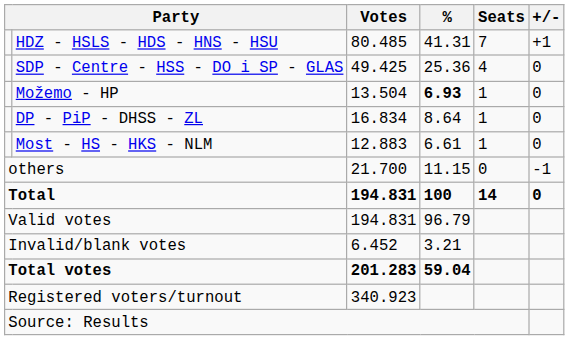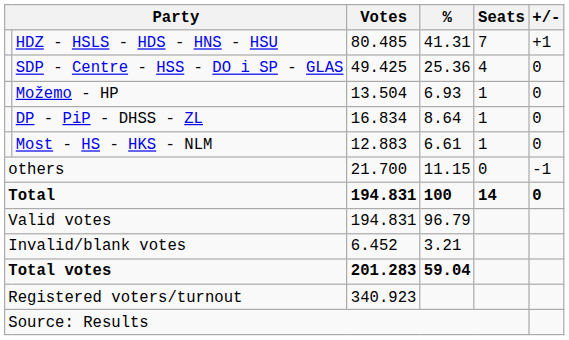 <table class="wikitable" style="text-align: left;">
 <tr>
 <th colspan="2">Party</th>
 <th>Votes</th>
 <th>%</th>
 <th>Seats</th>
 <th>+/-</th>
 </tr>
 <tr>
 <td style="background-color: "></td>
 <td><a href='#'>HDZ</a> - <a href='#'>HSLS</a> - <a href='#'>HDS</a> - <a href='#'>HNS</a> - <a href='#'>HSU</a></td>
 <td>80.485</td>
 <td>41.31</td>
 <td>7</td>
 <td>+1</td>
 </tr>
 <tr>
 <td style="background-color: "></td>
 <td><a href='#'>SDP</a> - <a href='#'>Centre</a> - <a href='#'>HSS</a> - <a href='#'>DO i SP</a> - <a href='#'>GLAS</a></td>
 <td>49.425</td>
 <td>25.36</td>
 <td>4</td>
 <td>0</td>
 </tr>
 <tr>
 <td style="background-color: "></td>
 <td><a href='#'>Možemo</a> - HP</td>
 <td>13.504</td>
-<td><strong>6.93</strong></td>
+<td>6.93</td>
 <td>1</td>
 <td>0</td>
 </tr>
 <tr>
 <td style="background-color: "></td>
 <td><a href='#'>DP</a> - <a href='#'>PiP</a> - DHSS - <a href='#'>ZL</a></td>
 <td>16.834</td>
 <td>8.64</td>
 <td>1</td>
 <td>0</td>
 </tr>
 <tr>
 <td style="background-color: "></td>
 <td><a href='#'>Most</a> - <a href='#'>HS</a> - <a href='#'>HKS</a> - NLM</td>
 <td>12.883</td>
 <td>6.61</td>
 <td>1</td>
 <td>0</td>
 </tr>
 <tr>
 <td colspan="2">others</td>
 <td>21.700</td>
 <td>11.15</td>
 <td>0</td>
 <td>-1</td>
 </tr>
 <tr>
 <td colspan="2"><strong>Total</strong></td>
 <td><strong>194.831</strong></td>
 <td><strong>100</strong></td>
 <td><strong>14</strong></td>
 <td><strong>0</strong></td>
 </tr>
 <tr>
 <td colspan="2">Valid votes</td>
 <td>194.831</td>
 <td>96.79</td>
 <td></td>
 <td></td>
 </tr>
 <tr>
 <td colspan="2">Invalid/blank votes</td>
 <td>6.452</td>
 <td>3.21</td>
 <td></td>
 <td></td>
 </tr>
 <tr>
 <td colspan="2"><strong>Total votes</strong></td>
 <td><strong>201.283</strong></td>
 <td><strong>59.04</strong></td>
 <td></td>
 <td></td>
 </tr>
 <tr>
 <td colspan="2">Registered voters/turnout</td>
 <td votes14="5343">340.923</td>
 <td></td>
 <td></td>
 <td></td>
 </tr>
 <tr>
 <td colspan="5">Source: Results</td>
 <td></td>
 </tr>
 </table>
